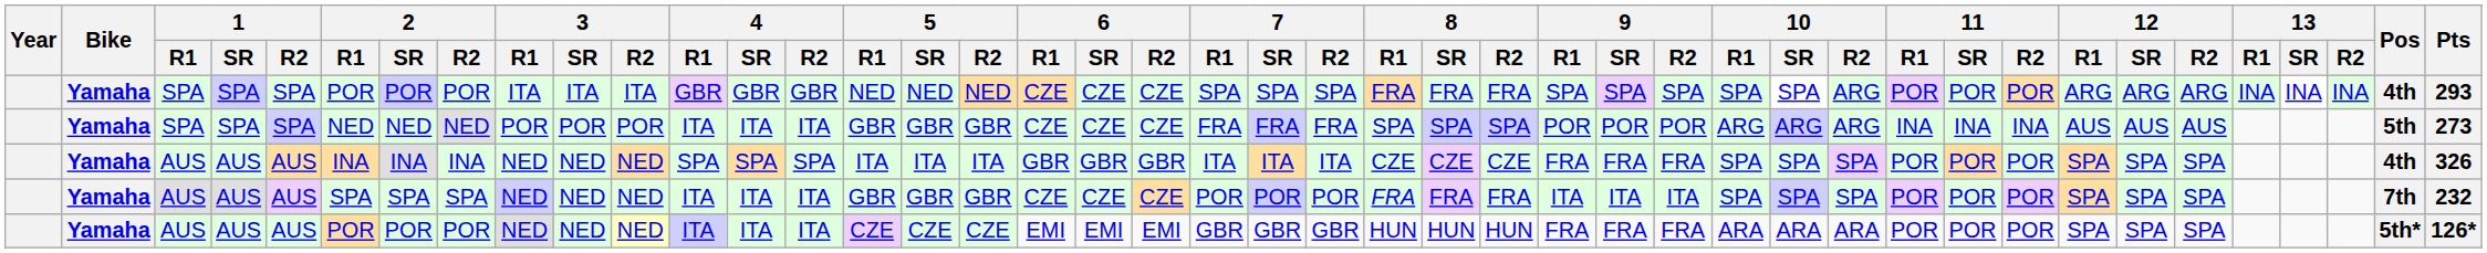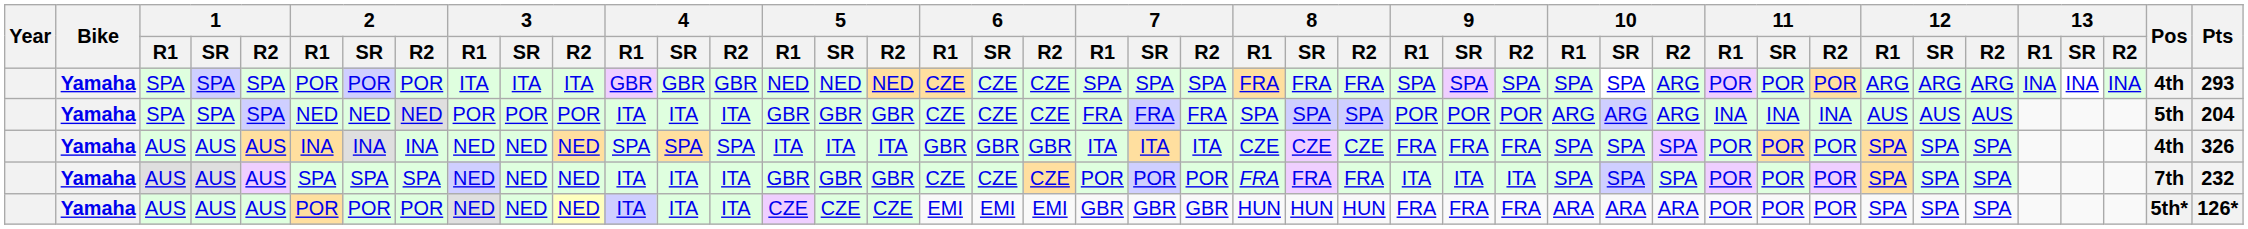 <table class="wikitable" style="text-align:center; font-size:90%;">
 <tr>
 <th rowspan="2">Year</th>
 <th rowspan="2">Bike</th>
 <th colspan="3">1</th>
 <th colspan="3">2</th>
 <th colspan="3">3</th>
 <th colspan="3">4</th>
 <th colspan="3">5</th>
 <th colspan="3">6</th>
 <th colspan="3">7</th>
 <th colspan="3">8</th>
 <th colspan="3">9</th>
 <th colspan="3">10</th>
 <th colspan="3">11</th>
 <th colspan="3">12</th>
 <th colspan="3">13</th>
 <th rowspan="2">Pos</th>
 <th rowspan="2">Pts</th>
 </tr>
 <tr>
 <th>R1</th>
 <th>SR</th>
 <th>R2</th>
 <th>R1</th>
 <th>SR</th>
 <th>R2</th>
 <th>R1</th>
 <th>SR</th>
 <th>R2</th>
 <th>R1</th>
 <th>SR</th>
 <th>R2</th>
 <th>R1</th>
 <th>SR</th>
 <th>R2</th>
 <th>R1</th>
 <th>SR</th>
 <th>R2</th>
 <th>R1</th>
 <th>SR</th>
 <th>R2</th>
 <th>R1</th>
 <th>SR</th>
 <th>R2</th>
 <th>R1</th>
 <th>SR</th>
 <th>R2</th>
 <th>R1</th>
 <th>SR</th>
 <th>R2</th>
 <th>R1</th>
 <th>SR</th>
 <th>R2</th>
 <th>R1</th>
 <th>SR</th>
 <th>R2</th>
 <th>R1</th>
 <th>SR</th>
 <th>R2</th>
 </tr>
 <tr>
 <th></th>
 <th><a href='#'>Yamaha</a></th>
 <td style="background:#dfffdf;"><a href='#'>SPA</a><br></td>
 <td style="background:#cfcfff;"><a href='#'>SPA</a><br></td>
 <td style="background:#dfffdf;"><a href='#'>SPA</a><br></td>
 <td style="background:#dfffdf;"><a href='#'>POR</a><br></td>
 <td style="background:#cfcfff;"><a href='#'>POR</a><br></td>
 <td style="background:#dfffdf;"><a href='#'>POR</a><br></td>
 <td style="background:#dfffdf;"><a href='#'>ITA</a><br></td>
 <td style="background:#dfffdf;"><a href='#'>ITA</a><br></td>
 <td style="background:#dfffdf;"><a href='#'>ITA</a><br></td>
 <td style="background:#efcfff;"><a href='#'>GBR</a><br></td>
 <td style="background:#dfffdf;"><a href='#'>GBR</a><br></td>
 <td style="background:#dfffdf;"><a href='#'>GBR</a><br></td>
 <td style="background:#dfffdf;"><a href='#'>NED</a><br></td>
 <td style="background:#dfffdf;"><a href='#'>NED</a><br></td>
 <td style="background:#ffdf9f;"><a href='#'>NED</a><br></td>
 <td style="background:#ffdf9f;"><a href='#'>CZE</a><br></td>
 <td style="background:#dfffdf;"><a href='#'>CZE</a><br></td>
 <td style="background:#dfffdf;"><a href='#'>CZE</a><br></td>
 <td style="background:#dfffdf;"><a href='#'>SPA</a><br></td>
 <td style="background:#dfffdf;"><a href='#'>SPA</a><br></td>
 <td style="background:#dfffdf;"><a href='#'>SPA</a><br></td>
 <td style="background:#ffdf9f;"><a href='#'>FRA</a><br></td>
 <td style="background:#dfffdf;"><a href='#'>FRA</a><br></td>
 <td style="background:#dfffdf;"><a href='#'>FRA</a><br></td>
 <td style="background:#dfffdf;"><a href='#'>SPA</a><br></td>
 <td style="background:#efcfff;"><a href='#'>SPA</a><br></td>
 <td style="background:#dfffdf;"><a href='#'>SPA</a><br></td>
 <td style="background:#dfffdf;"><a href='#'>SPA</a><br></td>
 <td style="background:#ffffff;"><a href='#'>SPA</a><br></td>
 <td style="background:#dfffdf;"><a href='#'>ARG</a><br></td>
 <td style="background:#efcfff;"><a href='#'>POR</a><br></td>
 <td style="background:#dfffdf;"><a href='#'>POR</a><br></td>
 <td style="background:#ffdf9f;"><a href='#'>POR</a><br></td>
 <td style="background:#dfffdf;"><a href='#'>ARG</a><br></td>
 <td style="background:#dfffdf;"><a href='#'>ARG</a><br></td>
 <td style="background:#dfffdf;"><a href='#'>ARG</a><br></td>
 <td style="background:#dfffdf;"><a href='#'>INA</a><br></td>
 <td style="background:#ffffff;"><a href='#'>INA</a><br></td>
 <td style="background:#dfffdf;"><a href='#'>INA</a><br></td>
 <th>4th</th>
 <th>293</th>
 </tr>
 <tr>
 <th></th>
 <th><a href='#'>Yamaha</a></th>
 <td style="background:#dfffdf;"><a href='#'>SPA</a><br></td>
 <td style="background:#dfffdf;"><a href='#'>SPA</a><br></td>
 <td style="background:#cfcfff;"><a href='#'>SPA</a><br></td>
 <td style="background:#dfffdf;"><a href='#'>NED</a><br></td>
 <td style="background:#dfffdf;"><a href='#'>NED</a><br></td>
 <td style="background:#dfdfdf;"><a href='#'>NED</a><br></td>
 <td style="background:#dfffdf;"><a href='#'>POR</a><br></td>
 <td style="background:#dfffdf;"><a href='#'>POR</a><br></td>
 <td style="background:#dfffdf;"><a href='#'>POR</a><br></td>
 <td style="background:#dfffdf;"><a href='#'>ITA</a><br></td>
 <td style="background:#dfffdf;"><a href='#'>ITA</a><br></td>
 <td style="background:#dfffdf;"><a href='#'>ITA</a><br></td>
 <td style="background:#dfffdf;"><a href='#'>GBR</a><br></td>
 <td style="background:#dfffdf;"><a href='#'>GBR</a><br></td>
 <td style="background:#dfffdf;"><a href='#'>GBR</a><br></td>
 <td style="background:#dfffdf;"><a href='#'>CZE</a><br></td>
 <td style="background:#dfffdf;"><a href='#'>CZE</a><br></td>
 <td style="background:#dfffdf;"><a href='#'>CZE</a><br></td>
 <td style="background:#dfffdf;"><a href='#'>FRA</a><br></td>
 <td style="background:#cfcfff;"><a href='#'>FRA</a><br></td>
 <td style="background:#dfffdf;"><a href='#'>FRA</a><br></td>
 <td style="background:#dfffdf;"><a href='#'>SPA</a><br></td>
 <td style="background:#cfcfff;"><a href='#'>SPA</a><br></td>
 <td style="background:#cfcfff;"><a href='#'>SPA</a><br></td>
 <td style="background:#dfffdf;"><a href='#'>POR</a><br></td>
 <td style="background:#dfffdf;"><a href='#'>POR</a><br></td>
 <td style="background:#dfffdf;"><a href='#'>POR</a><br></td>
 <td style="background:#dfffdf;"><a href='#'>ARG</a><br></td>
 <td style="background:#cfcfff;"><a href='#'>ARG</a><br></td>
 <td style="background:#dfffdf;"><a href='#'>ARG</a><br></td>
 <td style="background:#dfffdf;"><a href='#'>INA</a><br></td>
 <td style="background:#dfffdf;"><a href='#'>INA</a><br></td>
 <td style="background:#dfffdf;"><a href='#'>INA</a><br></td>
 <td style="background:#dfffdf;"><a href='#'>AUS</a><br></td>
 <td style="background:#dfffdf;"><a href='#'>AUS</a><br></td>
 <td style="background:#DFFFDF;"><a href='#'>AUS</a><br></td>
 <td></td>
 <td></td>
 <td></td>
 <th>5th</th>
-<th>273</th>
+<th>204</th>
 </tr>
 <tr>
 <th></th>
 <th><a href='#'>Yamaha</a></th>
 <td style="background:#dfffdf;"><a href='#'>AUS</a><br></td>
 <td style="background:#dfffdf;"><a href='#'>AUS</a><br></td>
 <td style="background:#ffdf9f;"><a href='#'>AUS</a><br></td>
 <td style="background:#ffdf9f;"><a href='#'>INA</a><br></td>
 <td style="background:#dfdfdf;"><a href='#'>INA</a><br></td>
 <td style="background:#dfffdf;"><a href='#'>INA</a><br></td>
 <td style="background:#dfffdf;"><a href='#'>NED</a><br></td>
 <td style="background:#dfffdf;"><a href='#'>NED</a><br></td>
 <td style="background:#ffdf9f;"><a href='#'>NED</a><br></td>
 <td style="background:#dfffdf;"><a href='#'>SPA</a><br></td>
 <td style="background:#ffdf9f;"><a href='#'>SPA</a><br></td>
 <td style="background:#dfffdf;"><a href='#'>SPA</a><br></td>
 <td style="background:#dfffdf;"><a href='#'>ITA</a><br></td>
 <td style="background:#dfffdf;"><a href='#'>ITA</a><br></td>
 <td style="background:#dfffdf;"><a href='#'>ITA</a><br></td>
 <td style="background:#dfffdf;"><a href='#'>GBR</a><br></td>
 <td style="background:#dfffdf;"><a href='#'>GBR</a><br></td>
 <td style="background:#dfffdf;"><a href='#'>GBR</a><br></td>
 <td style="background:#dfffdf;"><a href='#'>ITA</a><br></td>
 <td style="background:#ffdf9f;"><a href='#'>ITA</a><br></td>
 <td style="background:#dfffdf;"><a href='#'>ITA</a><br></td>
 <td style="background:#dfffdf;"><a href='#'>CZE</a><br></td>
 <td style="background:#efcfff;"><a href='#'>CZE</a><br></td>
 <td style="background:#dfffdf;"><a href='#'>CZE</a><br></td>
 <td style="background:#dfffdf;"><a href='#'>FRA</a><br></td>
 <td style="background:#dfffdf;"><a href='#'>FRA</a><br></td>
 <td style="background:#dfffdf;"><a href='#'>FRA</a><br></td>
 <td style="background:#dfffdf;"><a href='#'>SPA</a><br></td>
 <td style="background:#dfffdf;"><a href='#'>SPA</a><br></td>
 <td style="background:#efcfff;"><a href='#'>SPA</a><br></td>
 <td style="background:#dfffdf;"><a href='#'>POR</a><br></td>
 <td style="background:#ffdf9f;"><a href='#'>POR</a><br></td>
 <td style="background:#dfffdf;"><a href='#'>POR</a><br></td>
 <td style="background:#ffdf9f;"><a href='#'>SPA</a><br></td>
 <td style="background:#dfffdf;"><a href='#'>SPA</a><br></td>
 <td style="background:#dfffdf;"><a href='#'>SPA</a><br></td>
 <td></td>
 <td></td>
 <td></td>
 <th>4th</th>
 <th>326</th>
 </tr>
 <tr>
 <th></th>
 <th><a href='#'>Yamaha</a></th>
 <td style="background:#DFDFDF;"><a href='#'>AUS</a><br></td>
 <td style="background:#DFDFDF;"><a href='#'>AUS</a><br></td>
 <td style="background:#EFCFFF;"><a href='#'>AUS</a><br></td>
 <td style="background:#DFFFDF;"><a href='#'>SPA</a><br></td>
 <td style="background:#DFFFDF;"><a href='#'>SPA</a><br></td>
 <td style="background:#DFFFDF;"><a href='#'>SPA</a><br></td>
 <td style="background:#CFCFFF;"><a href='#'>NED</a><br></td>
 <td style="background:#DFFFDF;"><a href='#'>NED</a><br></td>
 <td style="background:#DFFFDF;"><a href='#'>NED</a><br></td>
 <td style="background:#DFFFDF;"><a href='#'>ITA</a><br></td>
 <td style="background:#DFFFDF;"><a href='#'>ITA</a><br></td>
 <td style="background:#DFFFDF;"><a href='#'>ITA</a><br></td>
 <td style="background:#DFFFDF;"><a href='#'>GBR</a><br></td>
 <td style="background:#DFFFDF;"><a href='#'>GBR</a><br></td>
 <td style="background:#DFFFDF;"><a href='#'>GBR</a><br></td>
 <td style="background:#DFFFDF;"><a href='#'>CZE</a><br></td>
 <td style="background:#DFFFDF;"><a href='#'>CZE</a><br></td>
 <td style="background:#FFDF9F;"><a href='#'>CZE</a><br></td>
 <td style="background:#DFFFDF;"><a href='#'>POR</a><br></td>
 <td style="background:#CFCFFF;"><a href='#'>POR</a><br></td>
 <td style="background:#DFFFDF;"><a href='#'>POR</a><br></td>
 <td style="background:#DFFFDF;"><em><a href='#'>FRA</a></em><br></td>
 <td style="background:#EFCFFF;"><a href='#'>FRA</a><br></td>
 <td style="background:#DFFFDF;"><a href='#'>FRA</a><br></td>
 <td style="background:#DFFFDF;"><a href='#'>ITA</a><br></td>
 <td style="background:#DFFFDF;"><a href='#'>ITA</a><br></td>
 <td style="background:#DFFFDF;"><a href='#'>ITA</a><br></td>
 <td style="background:#DFFFDF;"><a href='#'>SPA</a><br></td>
 <td style="background:#CFCFFF;"><a href='#'>SPA</a><br></td>
 <td style="background:#DFFFDF;"><a href='#'>SPA</a><br></td>
 <td style="background:#EFCFFF;"><a href='#'>POR</a><br></td>
 <td style="background:#DFFFDF;"><a href='#'>POR</a><br></td>
 <td style="background:#EFCFFF;"><a href='#'>POR</a><br></td>
 <td style="background:#FFDF9F;"><a href='#'>SPA</a><br></td>
 <td style="background:#DFFFDF;"><a href='#'>SPA</a><br></td>
 <td style="background:#DFFFDF;"><a href='#'>SPA</a><br></td>
 <td></td>
 <td></td>
 <td></td>
 <th>7th</th>
 <th>232</th>
 </tr>
 <tr>
 <th></th>
 <th><a href='#'>Yamaha</a></th>
 <td style="background:#DFFFDF;"><a href='#'>AUS</a><br></td>
 <td style="background:#DFFFDF;"><a href='#'>AUS</a><br></td>
 <td style="background:#DFFFDF;"><a href='#'>AUS</a><br></td>
 <td style="background:#FFDF9F;"><a href='#'>POR</a><br></td>
 <td style="background:#DFFFDF;"><a href='#'>POR</a><br></td>
 <td style="background:#DFFFDF;"><a href='#'>POR</a><br></td>
 <td style="background:#DFDFDF;"><a href='#'>NED</a><br></td>
 <td style="background:#DFFFDF;"><a href='#'>NED</a><br></td>
 <td style="background:#FFFFBF;"><a href='#'>NED</a><br></td>
 <td style="background:#CFCFFF;"><a href='#'>ITA</a><br></td>
 <td style="background:#DFFFDF;"><a href='#'>ITA</a><br></td>
 <td style="background:#DFFFDF;"><a href='#'>ITA</a><br></td>
 <td style="background:#EFCFFF;"><a href='#'>CZE</a><br></td>
 <td style="background:#DFFFDF;"><a href='#'>CZE</a><br></td>
 <td style="background:#DFFFDF;"><a href='#'>CZE</a><br></td>
 <td style="background:#;"><a href='#'>EMI</a><br></td>
 <td style="background:#;"><a href='#'>EMI</a><br></td>
 <td style="background:#;"><a href='#'>EMI</a><br></td>
 <td style="background:#;"><a href='#'>GBR</a><br></td>
 <td style="background:#;"><a href='#'>GBR</a><br></td>
 <td style="background:#;"><a href='#'>GBR</a><br></td>
 <td style="background:#;"><a href='#'>HUN</a><br></td>
 <td style="background:#;"><a href='#'>HUN</a><br></td>
 <td style="background:#;"><a href='#'>HUN</a><br></td>
 <td style="background:#;"><a href='#'>FRA</a><br></td>
 <td style="background:#;"><a href='#'>FRA</a><br></td>
 <td style="background:#;"><a href='#'>FRA</a><br></td>
 <td style="background:#;"><a href='#'>ARA</a><br></td>
 <td style="background:#;"><a href='#'>ARA</a><br></td>
 <td style="background:#;"><a href='#'>ARA</a><br></td>
 <td style="background:#;"><a href='#'>POR</a><br></td>
 <td style="background:#;"><a href='#'>POR</a><br></td>
 <td style="background:#;"><a href='#'>POR</a><br></td>
 <td style="background:#;"><a href='#'>SPA</a><br></td>
 <td style="background:#;"><a href='#'>SPA</a><br></td>
 <td style="background:#;"><a href='#'>SPA</a><br></td>
 <td></td>
 <td></td>
 <td></td>
 <th style="background:#;">5th*</th>
 <th style="background:#;">126*</th>
 </tr>
 </table>
